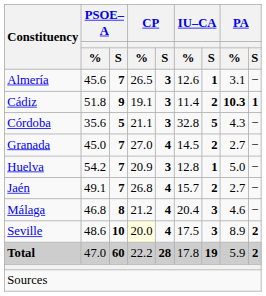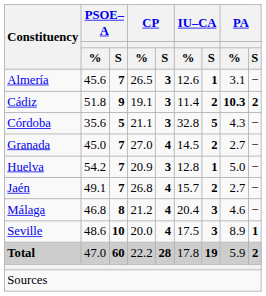 <table class="wikitable sortable" style="text-align:right; line-height:20px;">
 <tr>
 <th rowspan="3">Constituency</th>
 <th colspan="2" width="30px" class="unsortable"><a href='#'>PSOE–A</a></th>
 <th colspan="2" width="30px" class="unsortable"><a href='#'>CP</a></th>
 <th colspan="2" width="30px" class="unsortable"><a href='#'>IU–CA</a></th>
 <th colspan="2" width="30px" class="unsortable"><a href='#'>PA</a></th>
 </tr>
 <tr>
 <th colspan="2" style="background:"></th>
 <th colspan="2" style="background:"></th>
 <th colspan="2" style="background:"></th>
 <th colspan="2" style="background:"></th>
 </tr>
 <tr>
 <th data-sort-type="number">%</th>
 <th data-sort-type="number">S</th>
 <th data-sort-type="number">%</th>
 <th data-sort-type="number">S</th>
 <th data-sort-type="number">%</th>
 <th data-sort-type="number">S</th>
 <th data-sort-type="number">%</th>
 <th data-sort-type="number">S</th>
 </tr>
 <tr>
 <td align="left"><a href='#'>Almería</a></td>
 <td style="background:">45.6</td>
 <td><strong>7</strong></td>
 <td>26.5</td>
 <td><strong>3</strong></td>
 <td>12.6</td>
 <td><strong>1</strong></td>
 <td>3.1</td>
 <td>−</td>
 </tr>
 <tr>
 <td align="left"><a href='#'>Cádiz</a></td>
 <td style="background:">51.8</td>
 <td><strong>9</strong></td>
 <td>19.1</td>
 <td><strong>3</strong></td>
 <td>11.4</td>
 <td><strong>2</strong></td>
 <td><strong>10.3</strong></td>
-<td><strong>1</strong></td>
+<td><strong>2</strong></td>
 </tr>
 <tr>
 <td align="left"><a href='#'>Córdoba</a></td>
 <td style="background:">35.6</td>
 <td><strong>5</strong></td>
 <td>21.1</td>
 <td><strong>3</strong></td>
 <td>32.8</td>
 <td><strong>5</strong></td>
 <td>4.3</td>
 <td>−</td>
 </tr>
 <tr>
 <td align="left"><a href='#'>Granada</a></td>
 <td style="background:">45.0</td>
 <td><strong>7</strong></td>
 <td>27.0</td>
 <td><strong>4</strong></td>
 <td>14.5</td>
 <td><strong>2</strong></td>
 <td>2.7</td>
 <td>−</td>
 </tr>
 <tr>
 <td align="left"><a href='#'>Huelva</a></td>
 <td style="background:">54.2</td>
 <td><strong>7</strong></td>
 <td>20.9</td>
 <td><strong>3</strong></td>
 <td>12.8</td>
 <td><strong>1</strong></td>
 <td>5.0</td>
 <td>−</td>
 </tr>
 <tr>
 <td align="left"><a href='#'>Jaén</a></td>
 <td style="background:">49.1</td>
 <td><strong>7</strong></td>
 <td>26.8</td>
 <td><strong>4</strong></td>
 <td>15.7</td>
 <td><strong>2</strong></td>
 <td>2.7</td>
 <td>−</td>
 </tr>
 <tr>
 <td align="left"><a href='#'>Málaga</a></td>
 <td style="background:">46.8</td>
 <td><strong>8</strong></td>
 <td>21.2</td>
 <td><strong>4</strong></td>
 <td>20.4</td>
 <td><strong>3</strong></td>
 <td>4.6</td>
 <td>−</td>
 </tr>
 <tr>
 <td align="left"><a href='#'>Seville</a></td>
 <td style="background:">48.6</td>
 <td><strong>10</strong></td>
-<td style="background: lightyellow;">20.0</td>
+<td>20.0</td>
 <td><strong>4</strong></td>
 <td>17.5</td>
 <td><strong>3</strong></td>
 <td>8.9</td>
-<td><strong>2</strong></td>
+<td><strong>1</strong></td>
 </tr>
 <tr style="background:#CDCDCD;">
 <td align="left"><strong>Total</strong></td>
 <td style="background:">47.0</td>
 <td><strong>60</strong></td>
 <td>22.2</td>
 <td><strong>28</strong></td>
 <td>17.8</td>
 <td><strong>19</strong></td>
 <td>5.9</td>
 <td><strong>2</strong></td>
 </tr>
 <tr>
 <th colspan="9"></th>
 </tr>
 <tr>
 <th style="text-align:left; font-weight:normal; background:#F9F9F9" colspan="9">Sources</th>
 </tr>
 </table>
